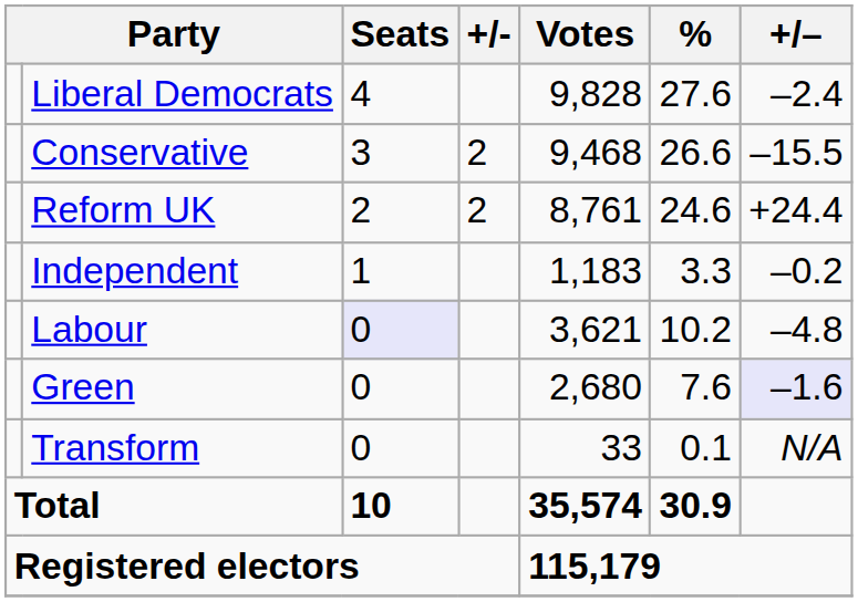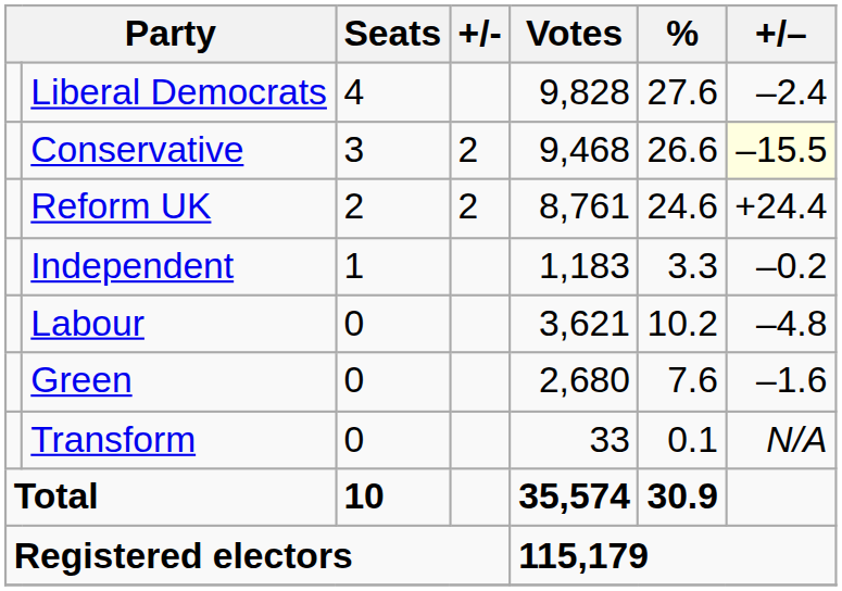 <table class="wikitable sortable">
 <tr>
 <th colspan="2">Party</th>
 <th>Seats</th>
 <th>+/-</th>
 <th>Votes</th>
 <th>%</th>
 <th>+/–</th>
 </tr>
 <tr>
 <td style="background-color: "></td>
 <td><a href='#'>Liberal Democrats</a></td>
 <td>4</td>
 <td> </td>
 <td style="text-align:right;">9,828</td>
 <td style="text-align:right;">27.6</td>
 <td style="text-align:right;">–2.4</td>
 </tr>
 <tr>
 <td style="background-color: "></td>
 <td><a href='#'>Conservative</a></td>
 <td>3</td>
 <td> 2</td>
 <td style="text-align:right;">9,468</td>
 <td style="text-align:right;">26.6</td>
-<td style="text-align:right;">–15.5</td>
+<td style="background: lightyellow; text-align:right;">–15.5</td>
 </tr>
 <tr>
 <td style="background-color: "></td>
 <td><a href='#'>Reform UK</a></td>
 <td>2</td>
 <td>  2</td>
 <td style="text-align:right;">8,761</td>
 <td style="text-align:right;">24.6</td>
 <td style="text-align:right;">+24.4</td>
 </tr>
 <tr>
 <td style="background-color: "></td>
 <td><a href='#'>Independent</a></td>
 <td>1</td>
 <td></td>
 <td style="text-align:right;">1,183</td>
 <td style="text-align:right;">3.3</td>
 <td style="text-align:right;">–0.2</td>
 </tr>
 <tr>
 <td style="background-color: "></td>
 <td><a href='#'>Labour</a></td>
-<td style="background: lavender;">0</td>
+<td>0</td>
 <td></td>
 <td style="text-align:right;"> 3,621</td>
 <td style="text-align:right;">10.2</td>
 <td style="text-align:right;">–4.8</td>
 </tr>
 <tr>
 <td style="background-color: "></td>
 <td><a href='#'>Green</a></td>
 <td>0</td>
 <td></td>
 <td style="text-align:right;">2,680</td>
 <td style="text-align:right;">7.6</td>
-<td style="background: lavender; text-align:right;">–1.6</td>
+<td style="text-align:right;">–1.6</td>
 </tr>
 <tr>
 <td style="background-color: "></td>
 <td><a href='#'>Transform</a></td>
 <td>0</td>
 <td></td>
 <td style="text-align:right;">33</td>
 <td style="text-align:right;">0.1</td>
 <td style="text-align:right;"><em>N/A</em></td>
 </tr>
 <tr>
 <td colspan="2"><strong>Total</strong></td>
 <td><strong>10</strong></td>
 <td></td>
 <td style="text-align:right;"><strong>35,574</strong></td>
 <td style="text-align:right;"><strong>30.9</strong></td>
 <td style="text-align:right;"></td>
 </tr>
 <tr>
 <td colspan="4"><strong>Registered electors</strong></td>
 <td colspan="3" style="text-align:left;"><strong>115,179</strong></td>
 </tr>
 <tr>
 </tr>
 </table>
